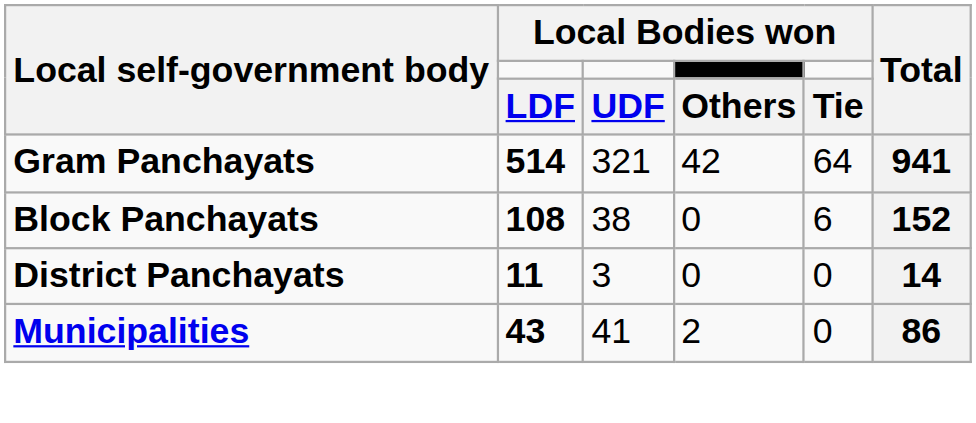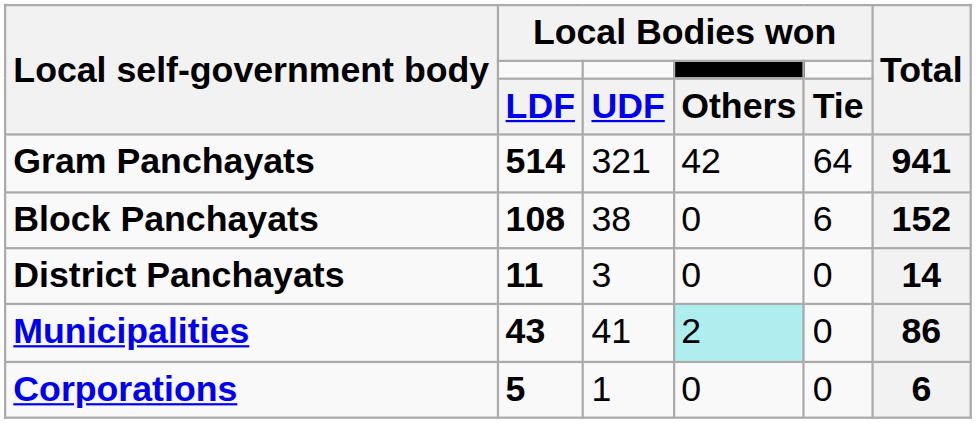 <table class="wikitable">
 <tr>
 <th rowspan="3">Local self-government body</th>
 <th colspan="4">Local Bodies won</th>
 <th rowspan="3">Total</th>
 </tr>
 <tr>
 <td style="background:"></td>
 <td style="background:"></td>
 <td style="background:black"></td>
 <td></td>
 </tr>
 <tr>
 <th><a href='#'>LDF</a></th>
 <th><a href='#'>UDF</a></th>
 <th>Others</th>
 <th>Tie</th>
 </tr>
 <tr>
 <td><strong>Gram Panchayats</strong></td>
 <td><strong>514</strong></td>
 <td>321</td>
 <td>42</td>
 <td>64</td>
 <th>941</th>
 </tr>
 <tr>
 <td><strong>Block Panchayats</strong></td>
 <td><strong>108</strong></td>
 <td>38</td>
 <td>0</td>
 <td>6</td>
 <th>152</th>
 </tr>
 <tr>
 <td><strong>District Panchayats</strong></td>
 <td><strong>11</strong></td>
 <td>3</td>
 <td>0</td>
 <td>0  </td>
 <th>14</th>
 </tr>
 <tr>
 <td><strong><a href='#'>Municipalities</a></strong></td>
 <td><strong>43</strong></td>
 <td>41</td>
-<td>2</td>
+<td style="background: paleturquoise;">2</td>
 <td>0  </td>
 <th>86</th>
 </tr>
+<tr>
+<td><strong><a href='#'>Corporations</a></strong></td>
+<td><strong>5</strong></td>
+<td>1</td>
+<td>0</td>
+<td>0</td>
+<th>6</th>
+</tr>
 </table>
